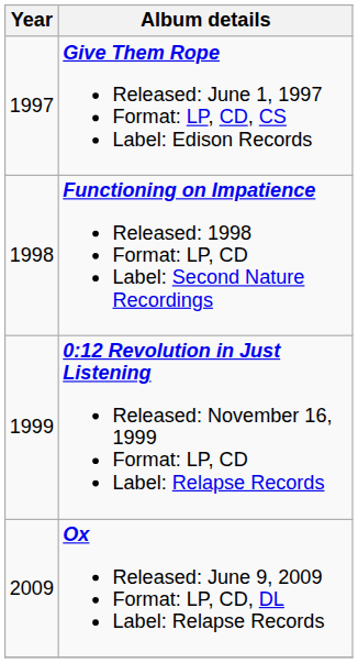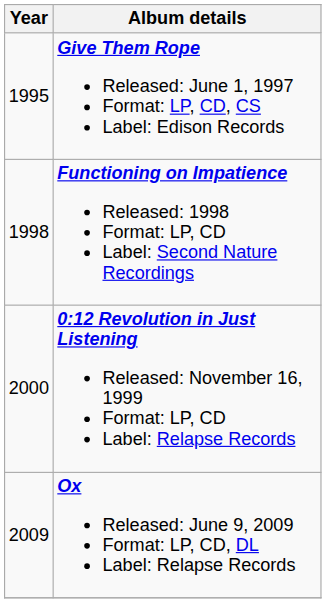 <table class="wikitable">
 <tr>
 <th>Year</th>
 <th width="230">Album details</th>
 </tr>
 <tr>
-<td>1997</td>
+<td>1995</td>
 <td><strong><em><a href='#'>Give Them Rope</a></em></strong><br><ul><li>Released: June 1, 1997</li><li>Format: <a href='#'>LP</a>, <a href='#'>CD</a>, <a href='#'>CS</a></li><li>Label: Edison Records</li></ul></td>
 </tr>
 <tr>
 <td>1998</td>
 <td><strong><em><a href='#'>Functioning on Impatience</a></em></strong><br><ul><li>Released: 1998</li><li>Format: LP, CD</li><li>Label: <a href='#'>Second Nature Recordings</a></li></ul></td>
 </tr>
 <tr>
-<td>1999</td>
+<td>2000</td>
 <td><strong><em><a href='#'>0:12 Revolution in Just Listening</a></em></strong><br><ul><li>Released: November 16, 1999</li><li>Format: LP, CD</li><li>Label: <a href='#'>Relapse Records</a></li></ul></td>
 </tr>
 <tr>
 <td>2009</td>
 <td><strong><em><a href='#'>Ox</a></em></strong><br><ul><li>Released: June 9, 2009</li><li>Format: LP, CD, <a href='#'>DL</a></li><li>Label: Relapse Records</li></ul></td>
 </tr>
 <tr>
 </tr>
 </table>
